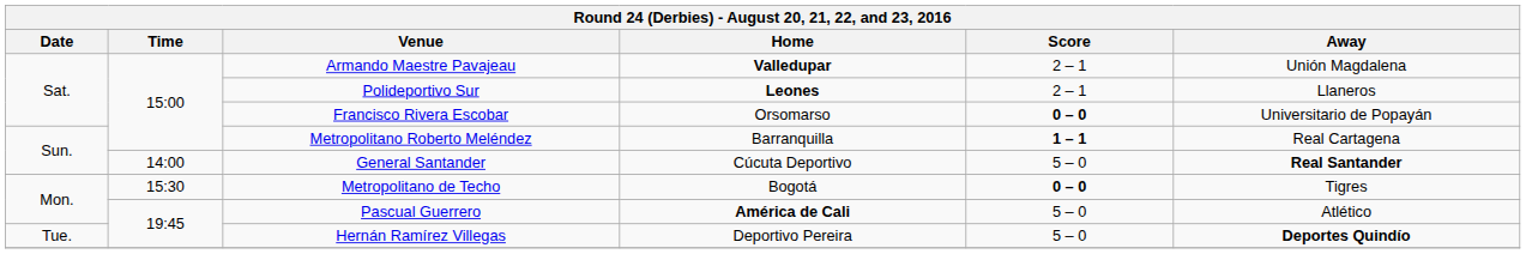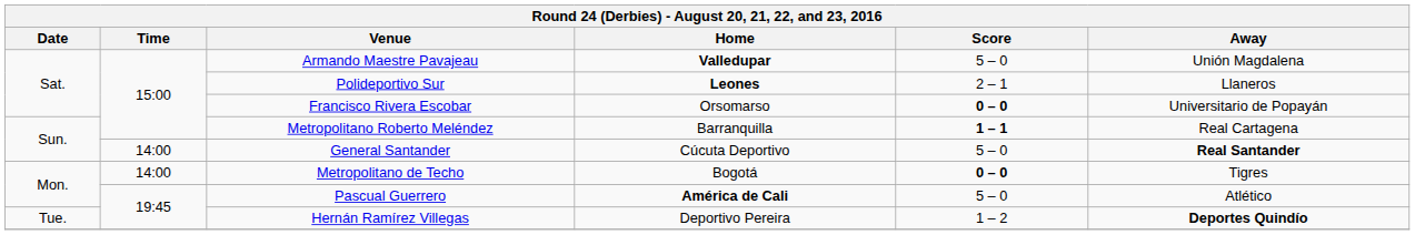 <table class="wikitable collapsible collapsed" style="font-size:95%; text-align: center; width: 95%;">
 <tr>
 <th colspan="12" style="with: 100%;" align=center>Round 24 (Derbies) - August 20, 21, 22, and 23, 2016</th>
 </tr>
 <tr>
 <th width="10">Date</th>
 <th width="20">Time</th>
 <th width="150">Venue</th>
 <th width="130">Home</th>
 <th width="75">Score</th>
 <th width="130">Away</th>
 </tr>
 <tr align=center>
 <td rowspan=3>Sat.</td>
 <td rowspan=4>15:00</td>
 <td><a href='#'>Armando Maestre Pavajeau</a></td>
 <td><strong>Valledupar</strong></td>
-<td>2 – 1</td>
+<td>5 – 0</td>
 <td>Unión Magdalena</td>
 </tr>
 <tr align=center>
 <td><a href='#'>Polideportivo Sur</a></td>
 <td><strong>Leones</strong></td>
 <td>2 – 1</td>
 <td>Llaneros</td>
 </tr>
 <tr align=center>
 <td><a href='#'>Francisco Rivera Escobar</a></td>
 <td>Orsomarso</td>
 <td><strong>0 – 0</strong></td>
 <td>Universitario de Popayán</td>
 </tr>
 <tr align=center>
 <td rowspan=2>Sun.</td>
 <td><a href='#'>Metropolitano Roberto Meléndez</a></td>
 <td>Barranquilla</td>
 <td><strong>1 – 1</strong></td>
 <td>Real Cartagena</td>
 </tr>
 <tr align=center>
 <td>14:00</td>
 <td><a href='#'>General Santander</a></td>
 <td>Cúcuta Deportivo</td>
 <td>5 – 0</td>
 <td><strong>Real Santander</strong></td>
 </tr>
 <tr align=center>
 <td rowspan=2>Mon.</td>
-<td>15:30</td>
+<td>14:00</td>
 <td><a href='#'>Metropolitano de Techo</a></td>
 <td>Bogotá</td>
 <td><strong>0 – 0</strong></td>
 <td>Tigres</td>
 </tr>
 <tr align=center>
 <td rowspan=2>19:45</td>
 <td><a href='#'>Pascual Guerrero</a></td>
 <td><strong>América de Cali</strong></td>
 <td>5 – 0</td>
 <td>Atlético</td>
 </tr>
 <tr align=center>
 <td>Tue.</td>
 <td><a href='#'>Hernán Ramírez Villegas</a></td>
 <td>Deportivo Pereira</td>
-<td>5 – 0</td>
+<td>1 – 2</td>
 <td><strong>Deportes Quindío</strong></td>
 </tr>
 <tr align=center>
 </tr>
 </table>
